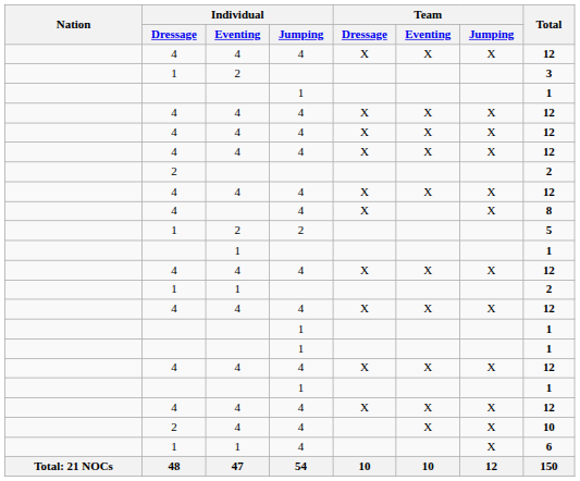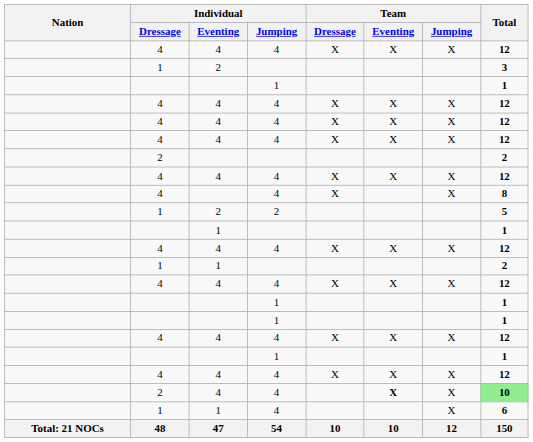 <table class="wikitable" width=690 style="text-align:center; font-size:90%">
 <tr>
 <th rowspan="2" align="left">Nation</th>
 <th colspan="3">Individual</th>
 <th colspan="3">Team</th>
 <th rowspan="2">Total</th>
 </tr>
 <tr>
 <th width=70><a href='#'>Dressage</a></th>
 <th width=70><a href='#'>Eventing</a></th>
 <th width=70><a href='#'>Jumping</a></th>
 <th width=70><a href='#'>Dressage</a></th>
 <th width=70><a href='#'>Eventing</a></th>
 <th width=70><a href='#'>Jumping</a></th>
 </tr>
 <tr>
 <td align=left></td>
 <td>4</td>
 <td>4</td>
 <td>4</td>
 <td>X</td>
 <td>X</td>
 <td>X</td>
 <td><strong>12</strong></td>
 </tr>
 <tr>
 <td align=left></td>
 <td>1</td>
 <td>2</td>
 <td></td>
 <td></td>
 <td></td>
 <td></td>
 <td><strong>3</strong></td>
 </tr>
 <tr>
 <td align=left></td>
 <td></td>
 <td></td>
 <td>1</td>
 <td></td>
 <td></td>
 <td></td>
 <td><strong>1</strong></td>
 </tr>
 <tr>
 <td align=left></td>
 <td>4</td>
 <td>4</td>
 <td>4</td>
 <td>X</td>
 <td>X</td>
 <td>X</td>
 <td><strong>12</strong></td>
 </tr>
 <tr>
 <td align=left></td>
 <td>4</td>
 <td>4</td>
 <td>4</td>
 <td>X</td>
 <td>X</td>
 <td>X</td>
 <td><strong>12</strong></td>
 </tr>
 <tr>
 <td align=left></td>
 <td>4</td>
 <td>4</td>
 <td>4</td>
 <td>X</td>
 <td>X</td>
 <td>X</td>
 <td><strong>12</strong></td>
 </tr>
 <tr>
 <td align=left></td>
 <td>2</td>
 <td></td>
 <td></td>
 <td></td>
 <td></td>
 <td></td>
 <td><strong>2</strong></td>
 </tr>
 <tr>
 <td align=left></td>
 <td>4</td>
 <td>4</td>
 <td>4</td>
 <td>X</td>
 <td>X</td>
 <td>X</td>
 <td><strong>12</strong></td>
 </tr>
 <tr>
 <td align=left></td>
 <td>4</td>
 <td></td>
 <td>4</td>
 <td>X</td>
 <td></td>
 <td>X</td>
 <td><strong>8</strong></td>
 </tr>
 <tr>
 <td align=left></td>
 <td>1</td>
 <td>2</td>
 <td>2</td>
 <td></td>
 <td></td>
 <td></td>
 <td><strong>5</strong></td>
 </tr>
 <tr>
 <td align=left></td>
 <td></td>
 <td>1</td>
 <td></td>
 <td></td>
 <td></td>
 <td></td>
 <td><strong>1</strong></td>
 </tr>
 <tr>
 <td align=left></td>
 <td>4</td>
 <td>4</td>
 <td>4</td>
 <td>X</td>
 <td>X</td>
 <td>X</td>
 <td><strong>12</strong></td>
 </tr>
 <tr>
 <td align=left></td>
 <td>1</td>
 <td>1</td>
 <td></td>
 <td></td>
 <td></td>
 <td></td>
 <td><strong>2</strong></td>
 </tr>
 <tr>
 <td align=left></td>
 <td>4</td>
 <td>4</td>
 <td>4</td>
 <td>X</td>
 <td>X</td>
 <td>X</td>
 <td><strong>12</strong></td>
 </tr>
 <tr>
 <td align=left></td>
 <td></td>
 <td></td>
 <td>1</td>
 <td></td>
 <td></td>
 <td></td>
 <td><strong>1</strong></td>
 </tr>
 <tr>
 <td align=left></td>
 <td></td>
 <td></td>
 <td>1</td>
 <td></td>
 <td></td>
 <td></td>
 <td><strong>1</strong></td>
 </tr>
 <tr>
 <td align=left></td>
 <td>4</td>
 <td>4</td>
 <td>4</td>
 <td>X</td>
 <td>X</td>
 <td>X</td>
 <td><strong>12</strong></td>
 </tr>
 <tr>
 <td align=left></td>
 <td></td>
 <td></td>
 <td>1</td>
 <td></td>
 <td></td>
 <td></td>
 <td><strong>1</strong></td>
 </tr>
 <tr>
 <td align=left></td>
 <td>4</td>
 <td>4</td>
 <td>4</td>
 <td>X</td>
 <td>X</td>
 <td>X</td>
 <td><strong>12</strong></td>
 </tr>
 <tr>
 <td align=left></td>
 <td>2</td>
 <td>4</td>
 <td>4</td>
 <td></td>
+<td><strong>X</strong></td>
 <td>X</td>
-<td>X</td>
-<td><strong>10</strong></td>
+<td style="background: lightgreen;"><strong>10</strong></td>
 </tr>
 <tr>
 <td align=left></td>
 <td>1</td>
 <td>1</td>
 <td>4</td>
 <td></td>
 <td></td>
 <td>X</td>
 <td><strong>6</strong></td>
 </tr>
 <tr>
 <th>Total: 21 NOCs</th>
 <th>48</th>
 <th>47</th>
 <th>54</th>
 <th>10</th>
 <th>10</th>
 <th>12</th>
 <th>150</th>
 </tr>
 </table>
